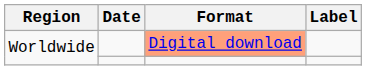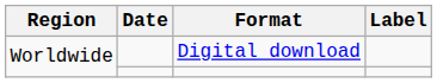 <table class="wikitable sortable">
 <tr>
 <th>Region</th>
 <th>Date</th>
 <th>Format</th>
 <th>Label</th>
 </tr>
 <tr>
 <td rowspan="2">Worldwide</td>
 <td></td>
-<td style="background: lightsalmon;"><a href='#'>Digital download</a></td>
+<td><a href='#'>Digital download</a></td>
 <td></td>
 </tr>
 <tr>
 <td></td>
 <td></td>
 <td></td>
 </tr>
 </table>
